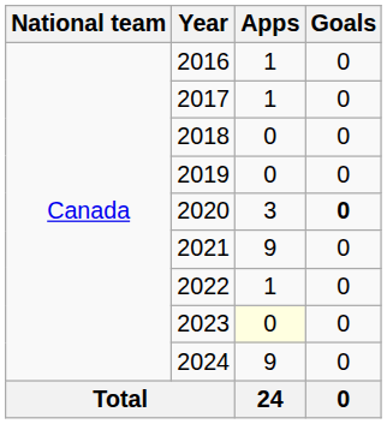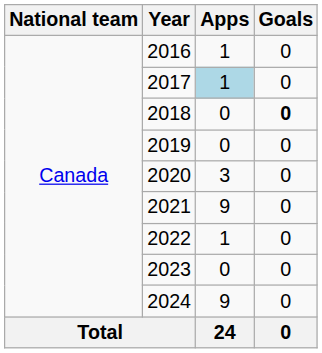 <table class="wikitable" style="text-align:center">
 <tr>
 <th>National team</th>
 <th>Year</th>
 <th>Apps</th>
 <th>Goals</th>
 </tr>
 <tr>
 <td rowspan="9"><a href='#'>Canada</a></td>
 <td>2016</td>
 <td>1</td>
 <td>0</td>
 </tr>
 <tr>
 <td>2017</td>
-<td>1</td>
+<td style="background: lightblue;">1</td>
 <td>0</td>
 </tr>
 <tr>
 <td>2018</td>
 <td>0</td>
-<td>0</td>
+<td><strong>0</strong></td>
 </tr>
 <tr>
 <td>2019</td>
 <td>0</td>
 <td>0</td>
 </tr>
 <tr>
 <td>2020</td>
 <td>3</td>
-<td><strong>0</strong></td>
+<td>0</td>
 </tr>
 <tr>
 <td>2021</td>
 <td>9</td>
 <td>0</td>
 </tr>
 <tr>
 <td>2022</td>
 <td>1</td>
 <td>0</td>
 </tr>
 <tr>
 <td>2023</td>
-<td style="background: lightyellow;">0</td>
+<td>0</td>
 <td>0</td>
 </tr>
 <tr>
 <td>2024</td>
 <td>9</td>
 <td>0</td>
 </tr>
 <tr>
 <th colspan="2">Total</th>
 <th>24</th>
 <th>0</th>
 </tr>
 </table>
